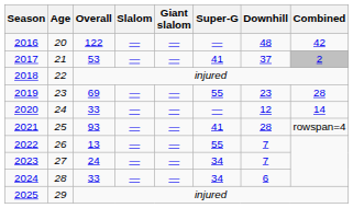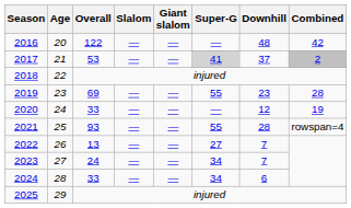 <table class=wikitable style="text-align:center">
 <tr>
 <th>Season</th>
 <th>Age</th>
 <th>Overall</th>
 <th>Slalom</th>
 <th>Giant<br>slalom</th>
 <th>Super-G</th>
 <th>Downhill</th>
 <th>Combined</th>
 </tr>
 <tr>
 <td><a href='#'>2016</a></td>
 <td><em>20</em></td>
 <td><a href='#'>122</a></td>
 <td><a href='#'>—</a></td>
 <td><a href='#'>—</a></td>
 <td><a href='#'>—</a></td>
 <td><a href='#'>48</a></td>
 <td><a href='#'>42</a></td>
 </tr>
 <tr>
 <td><a href='#'>2017</a></td>
 <td><em>21</em></td>
 <td><a href='#'>53</a></td>
 <td><a href='#'>—</a></td>
 <td><a href='#'>—</a></td>
-<td><a href='#'>41</a></td>
+<td style="background: lightgrey;"><a href='#'>41</a></td>
 <td><a href='#'>37</a></td>
 <td bgcolor="silver"><a href='#'>2</a></td>
 </tr>
 <tr>
 <td><a href='#'>2018</a></td>
 <td><em>22</em></td>
 <td colspan=6><em>injured</em></td>
 </tr>
 <tr>
 <td><a href='#'>2019</a></td>
 <td><em>23</em></td>
 <td><a href='#'>69</a></td>
 <td><a href='#'>—</a></td>
 <td><a href='#'>—</a></td>
 <td><a href='#'>55</a></td>
 <td><a href='#'>23</a></td>
 <td><a href='#'>28</a></td>
 </tr>
 <tr>
 <td><a href='#'>2020</a></td>
 <td><em>24</em></td>
 <td><a href='#'>33</a></td>
 <td><a href='#'>—</a></td>
 <td><a href='#'>—</a></td>
 <td><a href='#'>—</a></td>
 <td><a href='#'>12</a></td>
-<td><a href='#'>14</a></td>
+<td><a href='#'>19</a></td>
 </tr>
 <tr>
 <td><a href='#'>2021</a></td>
 <td><em>25</em></td>
 <td><a href='#'>93</a></td>
 <td><a href='#'>—</a></td>
 <td><a href='#'>—</a></td>
-<td><a href='#'>41</a></td>
+<td><a href='#'>55</a></td>
 <td><a href='#'>28</a></td>
 <td>rowspan=4 </td>
 </tr>
 <tr>
 <td><a href='#'>2022</a></td>
 <td><em>26</em></td>
 <td><a href='#'>13</a></td>
 <td><a href='#'>—</a></td>
 <td><a href='#'>—</a></td>
-<td><a href='#'>55</a></td>
+<td><a href='#'>27</a></td>
 <td><a href='#'>7</a></td>
 </tr>
 <tr>
 <td><a href='#'>2023</a></td>
 <td><em>27</em></td>
 <td><a href='#'>24</a></td>
 <td><a href='#'>—</a></td>
 <td><a href='#'>—</a></td>
 <td><a href='#'>34</a></td>
 <td><a href='#'>7</a></td>
 </tr>
 <tr>
 <td><a href='#'>2024</a></td>
 <td><em>28</em></td>
 <td><a href='#'>33</a></td>
 <td><a href='#'>—</a></td>
 <td><a href='#'>—</a></td>
 <td><a href='#'>34</a></td>
 <td><a href='#'>6</a></td>
 </tr>
 <tr>
 <td><a href='#'>2025</a></td>
 <td><em>29</em></td>
 <td colspan=6><em>injured</em></td>
 </tr>
 </table>
